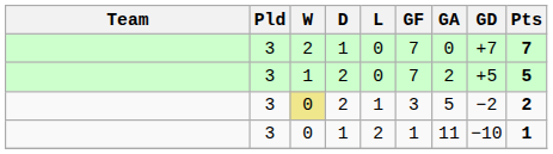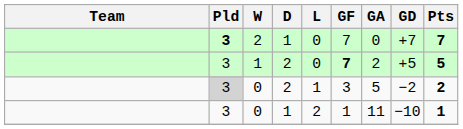 <table class="wikitable" style="text-align:center">
 <tr>
 <th width=175>Team</th>
 <th style="width:20px;" abbr="Played">Pld</th>
 <th style="width:20px;" abbr="Won">W</th>
 <th style="width:20px;" abbr="Drawn">D</th>
 <th style="width:20px;" abbr="Lost">L</th>
 <th style="width:20px;" abbr="Goals for">GF</th>
 <th style="width:20px;" abbr="Goals against">GA</th>
 <th style="width:20px;" abbr="Goal difference">GD</th>
 <th style="width:20px;" abbr="Points">Pts</th>
 </tr>
 <tr style="background:#cfc;">
 <td align=left></td>
-<td>3</td>
+<td><strong>3</strong></td>
 <td>2</td>
 <td>1</td>
 <td>0</td>
 <td>7</td>
 <td>0</td>
 <td>+7</td>
 <td><strong>7</strong></td>
 </tr>
 <tr style="background:#cfc;">
 <td align=left></td>
 <td>3</td>
 <td>1</td>
 <td>2</td>
 <td>0</td>
-<td>7</td>
+<td><strong>7</strong></td>
 <td>2</td>
 <td>+5</td>
 <td><strong>5</strong></td>
 </tr>
 <tr>
 <td align=left></td>
-<td>3</td>
-<td style="background: khaki;">0</td>
+<td style="background: lightgrey;">3</td>
+<td>0</td>
 <td>2</td>
 <td>1</td>
 <td>3</td>
 <td>5</td>
 <td>−2</td>
 <td><strong>2</strong></td>
 </tr>
 <tr>
 <td align=left></td>
 <td>3</td>
 <td>0</td>
 <td>1</td>
 <td>2</td>
 <td>1</td>
 <td>11</td>
 <td>−10</td>
 <td><strong>1</strong></td>
 </tr>
 <tr>
 </tr>
 </table>
